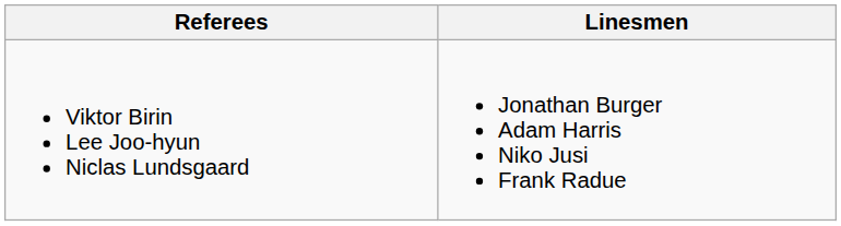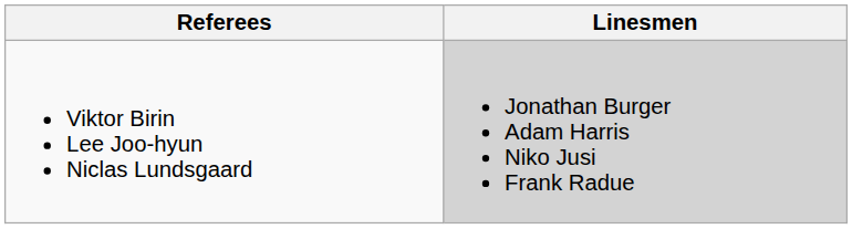 <table class="wikitable" width=600px>
 <tr>
 <th>Referees</th>
 <th>Linesmen</th>
 </tr>
 <tr>
 <td><br><ul><li> Viktor Birin</li><li> Lee Joo-hyun</li><li> Niclas Lundsgaard</li></ul></td>
-<td><br><ul><li> Jonathan Burger</li><li> Adam Harris</li><li> Niko Jusi</li><li> Frank Radue</li></ul></td>
+<td style="background: lightgrey;"><br><ul><li> Jonathan Burger</li><li> Adam Harris</li><li> Niko Jusi</li><li> Frank Radue</li></ul></td>
 </tr>
 </table>
